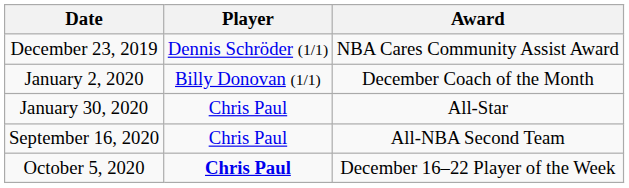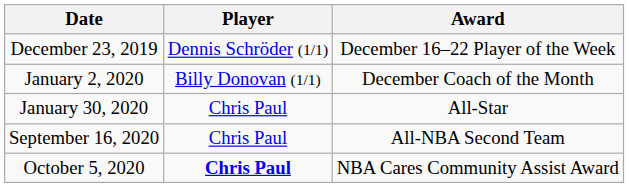 <table class="wikitable sortable sortable" style="text-align: center">
 <tr>
 <th>Date</th>
 <th>Player</th>
 <th>Award</th>
 </tr>
 <tr style="text-align: center">
 <td>December 23, 2019</td>
 <td><a href='#'>Dennis Schröder</a> <small>(1/1)</small></td>
-<td>NBA Cares Community Assist Award</td>
+<td>December 16–22 Player of the Week</td>
 </tr>
 <tr style="text-align: center">
 <td>January 2, 2020</td>
 <td><a href='#'>Billy Donovan</a> <small>(1/1)</small></td>
 <td>December Coach of the Month</td>
 </tr>
 <tr style="text-align: center">
 <td>January 30, 2020</td>
 <td><a href='#'>Chris Paul</a></td>
 <td>All-Star</td>
 </tr>
 <tr style="text-align: center">
 <td>September 16, 2020</td>
 <td><a href='#'>Chris Paul</a></td>
 <td>All-NBA Second Team</td>
 </tr>
 <tr style="text-align: center">
 <td>October 5, 2020</td>
 <td><strong><a href='#'>Chris Paul</a></strong></td>
-<td>December 16–22 Player of the Week</td>
+<td>NBA Cares Community Assist Award</td>
 </tr>
 </table>
